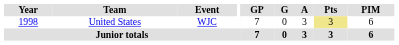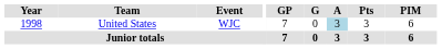 <table border="0" cellpadding="1" cellspacing="0" ID="Table3" style="text-align:center; width:40em">
 <tr bgcolor="#e0e0e0">
 <th>Year</th>
 <th>Team</th>
 <th>Event</th>
 <th rowspan="102" bgcolor="#ffffff"></th>
 <th>GP</th>
 <th>G</th>
 <th>A</th>
 <th>Pts</th>
 <th>PIM</th>
 </tr>
 <tr>
 <td><a href='#'>1998</a></td>
 <td><a href='#'>United States</a></td>
 <td><a href='#'>WJC</a></td>
 <td>7</td>
 <td>0</td>
+<td style="background: lightblue;">3</td>
 <td>3</td>
-<td style="background: khaki;">3</td>
 <td>6</td>
 </tr>
 <tr bgcolor="#e0e0e0">
 <th colspan="4">Junior totals</th>
 <th>7</th>
 <th>0</th>
 <th>3</th>
 <th>3</th>
 <th>6</th>
 </tr>
 </table>
